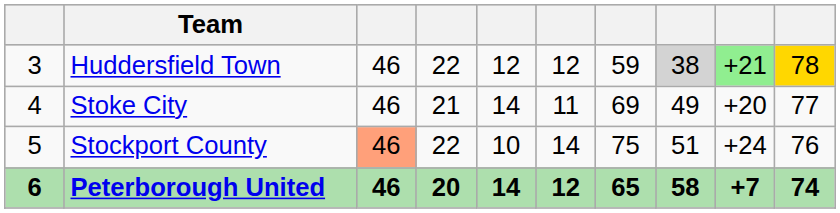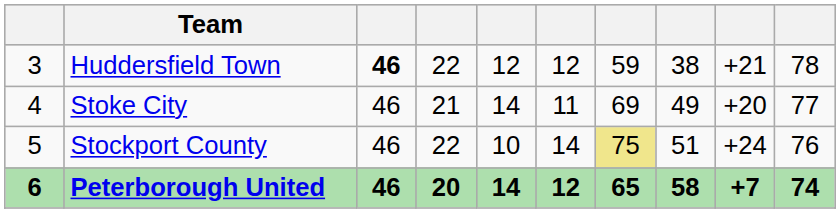 <table class="wikitable" style="text-align:center">
 <tr>
 <th width="30"></th>
 <th width="175">Team</th>
 <th width="30"></th>
 <th width="30"></th>
 <th width="30"></th>
 <th width="30"></th>
 <th width="30"></th>
 <th width="30"></th>
 <th width="30"></th>
 <th width="30"></th>
 </tr>
 <tr>
 <td>3</td>
 <td align=left><a href='#'>Huddersfield Town</a></td>
-<td>46</td>
+<td><strong>46</strong></td>
 <td>22</td>
 <td>12</td>
 <td>12</td>
 <td>59</td>
-<td style="background: lightgrey;">38</td>
-<td style="background: lightgreen;">+21</td>
-<td style="background: gold;">78</td>
+<td>38</td>
+<td>+21</td>
+<td>78</td>
 </tr>
 <tr>
 <td>4</td>
 <td align=left><a href='#'>Stoke City</a></td>
 <td>46</td>
 <td>21</td>
 <td>14</td>
 <td>11</td>
 <td>69</td>
 <td>49</td>
 <td>+20</td>
 <td>77</td>
 </tr>
 <tr>
 <td>5</td>
 <td align=left><a href='#'>Stockport County</a></td>
-<td style="background: lightsalmon;">46</td>
+<td>46</td>
 <td>22</td>
 <td>10</td>
 <td>14</td>
-<td>75</td>
+<td style="background: khaki;">75</td>
 <td>51</td>
 <td>+24</td>
 <td>76</td>
 </tr>
 <tr bgcolor=#ADDFAD>
 <td><strong>6</strong></td>
 <td align=left><strong><a href='#'>Peterborough United</a></strong></td>
 <td><strong>46</strong></td>
 <td><strong>20</strong></td>
 <td><strong>14</strong></td>
 <td><strong>12</strong></td>
 <td><strong>65</strong></td>
 <td><strong>58</strong></td>
 <td><strong>+7</strong></td>
 <td><strong>74</strong></td>
 </tr>
 </table>
